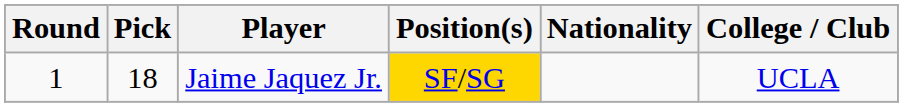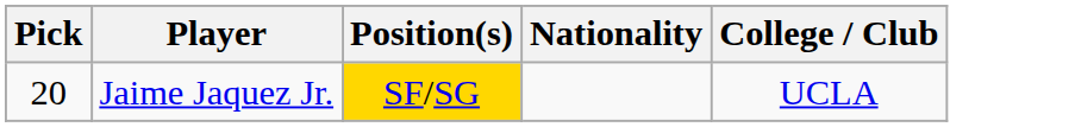 <table class="wikitable sortable sortable">
 <tr>
-<th>Round</th>
 <th>Pick</th>
 <th>Player</th>
 <th>Position(s)</th>
 <th>Nationality</th>
 <th>College / Club</th>
 </tr>
 <tr style="text-align: center">
-<td>1</td>
-<td>18</td>
+<td>20</td>
 <td><a href='#'>Jaime Jaquez Jr.</a></td>
 <td style="background: gold;"><a href='#'>SF</a>/<a href='#'>SG</a></td>
 <td></td>
 <td><a href='#'>UCLA</a> </td>
 </tr>
 </table>
